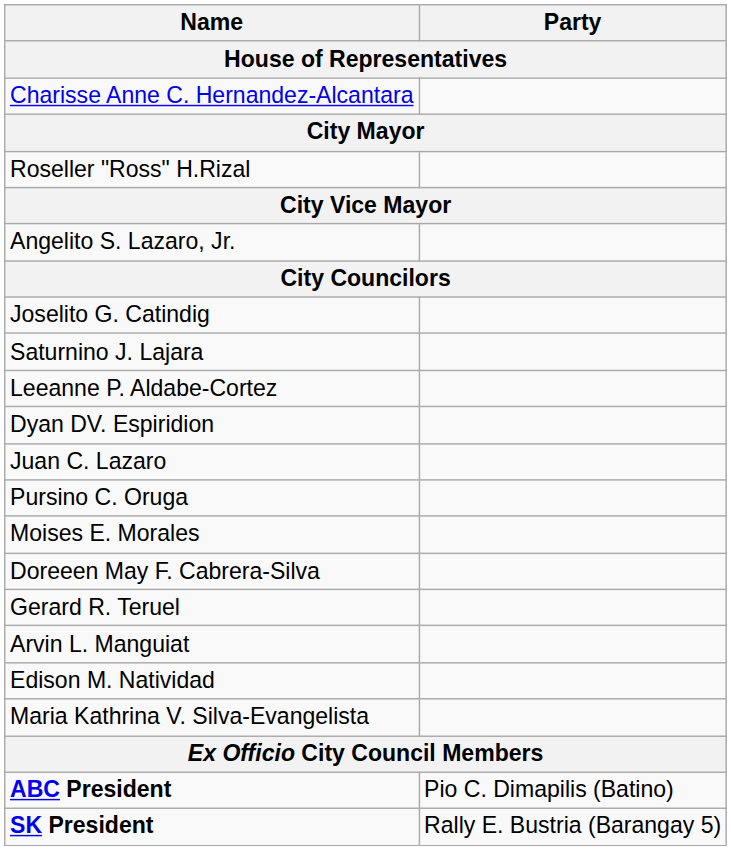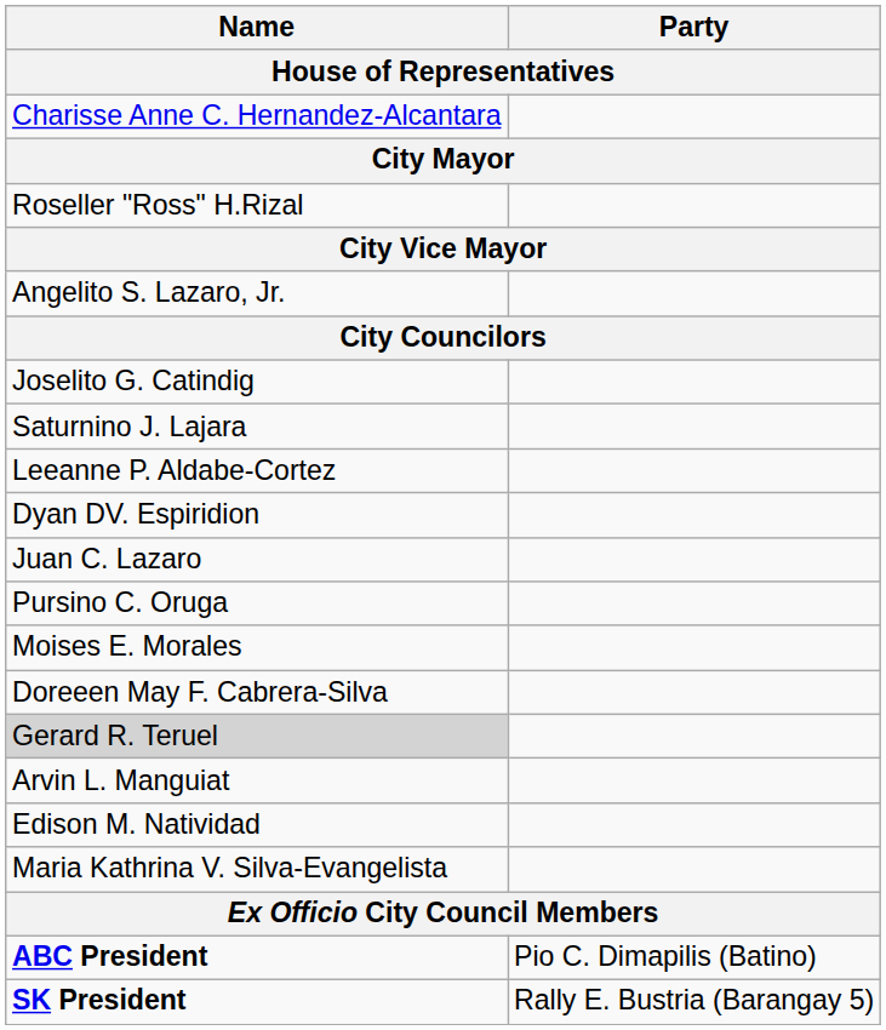 <table class=wikitable>
 <tr>
 <th>Name</th>
 <th colspan=2>Party</th>
 </tr>
 <tr>
 <th colspan="3">House of Representatives</th>
 </tr>
 <tr>
 <td><a href='#'>Charisse Anne C. Hernandez-Alcantara</a></td>
 <td></td>
 </tr>
 <tr>
 <th colspan="3">City Mayor</th>
 </tr>
 <tr>
 <td>Roseller "Ross" H.Rizal</td>
 <td></td>
 </tr>
 <tr>
 <th colspan="3">City Vice Mayor</th>
 </tr>
 <tr>
 <td>Angelito S. Lazaro, Jr.</td>
 <td></td>
 </tr>
 <tr>
 <th colspan="3">City Councilors</th>
 </tr>
 <tr>
 <td>Joselito G. Catindig</td>
 <td></td>
 </tr>
 <tr>
 <td>Saturnino J. Lajara</td>
 <td></td>
 </tr>
 <tr>
 <td>Leeanne P. Aldabe-Cortez</td>
 <td></td>
 </tr>
 <tr>
 <td>Dyan DV. Espiridion</td>
 <td></td>
 </tr>
 <tr>
 <td>Juan C. Lazaro</td>
 <td></td>
 </tr>
 <tr>
 <td>Pursino C. Oruga</td>
 <td></td>
 </tr>
 <tr>
 <td>Moises E. Morales</td>
 <td></td>
 </tr>
 <tr>
 <td>Doreeen May F. Cabrera-Silva</td>
 <td></td>
 </tr>
 <tr>
-<td>Gerard R. Teruel</td>
+<td style="background: lightgrey;">Gerard R. Teruel</td>
 <td></td>
 </tr>
 <tr>
 <td>Arvin L. Manguiat</td>
 <td></td>
 </tr>
 <tr>
 <td>Edison M. Natividad</td>
 <td></td>
 </tr>
 <tr>
 <td>Maria Kathrina V. Silva-Evangelista</td>
 <td></td>
 </tr>
 <tr>
 <th colspan="4"><em>Ex Officio</em> City Council Members</th>
 </tr>
 <tr>
 <td><strong><a href='#'>ABC</a> President</strong></td>
 <td colspan="3">Pio C. Dimapilis (Batino)<br></td>
 </tr>
 <tr>
 <td><strong><a href='#'>SK</a> President</strong></td>
 <td colspan="3">Rally E. Bustria (Barangay 5)<br></td>
 </tr>
 </table>
